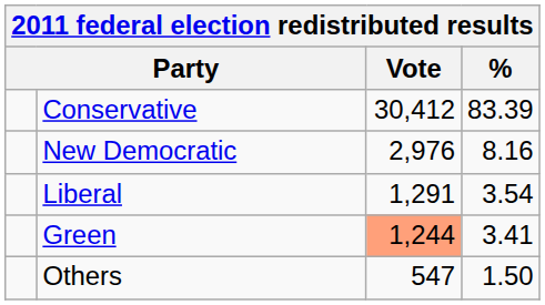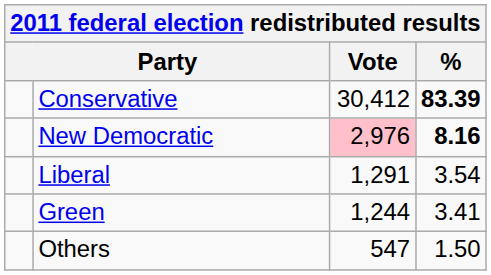 <table class="wikitable">
 <tr>
 <th colspan="4"><a href='#'>2011 federal election</a> redistributed results</th>
 </tr>
 <tr>
 <th bgcolor="#DDDDFF" width="130px" colspan="2">Party</th>
 <th bgcolor="#DDDDFF" width="50px">Vote</th>
 <th bgcolor="#DDDDFF" width="30px">%</th>
 </tr>
 <tr>
 <td> </td>
 <td><a href='#'>Conservative</a></td>
 <td align=right>30,412</td>
-<td align=right>83.39</td>
+<td align=right><strong>83.39</strong></td>
 </tr>
 <tr>
 <td> </td>
 <td><a href='#'>New Democratic</a></td>
-<td align=right>2,976</td>
-<td align=right>8.16</td>
+<td align=right style="background: pink;">2,976</td>
+<td align=right><strong>8.16</strong></td>
 </tr>
 <tr>
 <td> </td>
 <td><a href='#'>Liberal</a></td>
 <td align=right>1,291</td>
 <td align=right>3.54</td>
 </tr>
 <tr>
 <td> </td>
 <td><a href='#'>Green</a></td>
-<td align=right style="background: lightsalmon;">1,244</td>
+<td align=right>1,244</td>
 <td align=right>3.41</td>
 </tr>
 <tr>
 <td> </td>
 <td>Others</td>
 <td align=right>547</td>
 <td align=right>1.50</td>
 </tr>
 </table>
